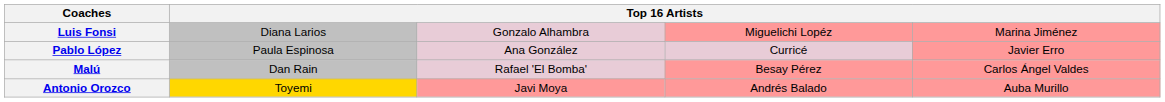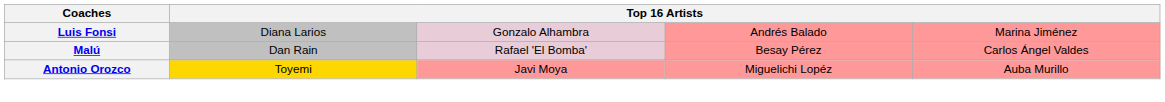 <table class="wikitable" style="text-align:center; width:100%;">
 <tr>
 <th scope="col" style="width:10%">Coaches</th>
 <th colspan="4" style="width:90%">Top 16 Artists</th>
 </tr>
 <tr>
 <th><a href='#'>Luis Fonsi</a></th>
 <td bgcolor=silver>Diana Larios</td>
 <td bgcolor=#E8CCD7>Gonzalo Alhambra</td>
-<td bgcolor=#ff9999 style="width:15%;">Miguelichi Lopéz</td>
+<td bgcolor=#ff9999>Andrés Balado</td>
 <td bgcolor=#ff9999>Marina Jiménez</td>
-</tr>
-<tr>
-<th><a href='#'>Pablo López</a></th>
-<td bgcolor=silver>Paula Espinosa</td>
-<td bgcolor=#E8CCD7>Ana González</td>
-<td bgcolor=#E8CCD7>Curricé</td>
-<td bgcolor=#ff9999>Javier Erro</td>
 </tr>
 <tr>
 <th><a href='#'>Malú</a></th>
 <td bgcolor=silver>Dan Rain</td>
 <td bgcolor=#E8CCD7>Rafael 'El Bomba'</td>
 <td bgcolor=#ff9999>Besay Pérez</td>
 <td bgcolor=#ff9999>Carlos Ángel Valdes</td>
 </tr>
 <tr>
 <th><a href='#'>Antonio Orozco</a></th>
 <td bgcolor=gold style="width:15%;">Toyemi</td>
 <td bgcolor=#ff9999 style="width:15%;">Javi Moya</td>
-<td bgcolor=#ff9999>Andrés Balado</td>
+<td bgcolor=#ff9999 style="width:15%;">Miguelichi Lopéz</td>
 <td bgcolor=#ff9999 style="width:15%;">Auba Murillo</td>
 </tr>
 </table>
